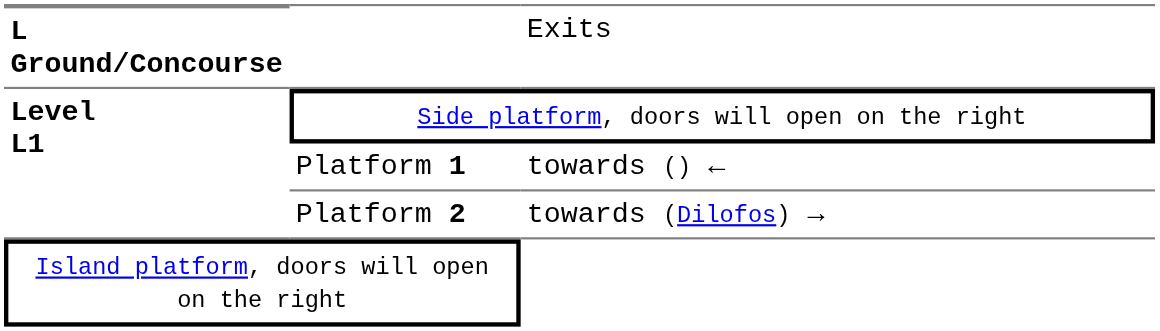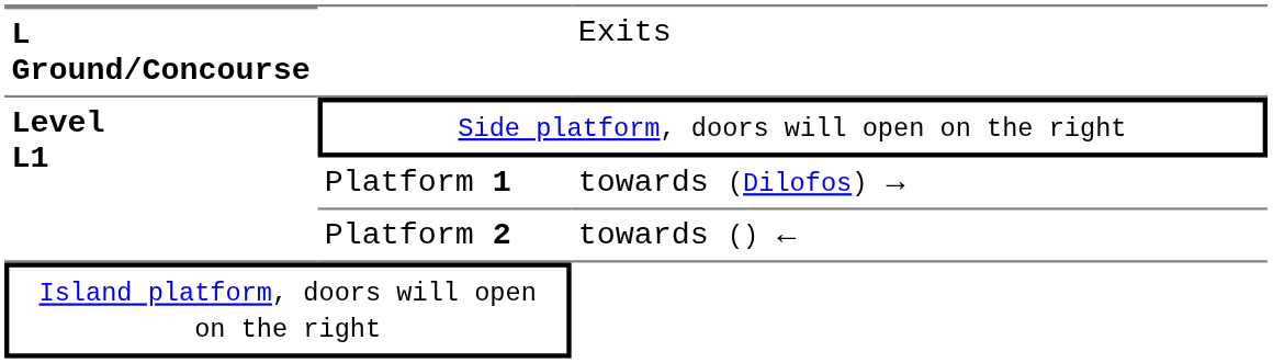 <table table border=0 cellspacing=0 cellpadding=3>
 <tr>
 <td style="border-bottom:solid 1px gray;border-top:solid 2px gray;" width=50 valign=top><strong>L<br>Ground/Concourse</strong></td>
 <td style="border-top:solid 1px gray;border-bottom:solid 1px gray;" width=100 valign=top></td>
 <td style="border-top:solid 1px gray;border-bottom:solid 1px gray;" width=285 valign=top>Exits</td>
 </tr>
 <tr>
 <td style="border-bottom:solid 1px gray;" rowspan=4 valign=top><strong>Level<br>L1</strong></td>
 <td style="border-top:solid 2px black;border-right:solid 2px black;border-left:solid 2px black;border-bottom:solid 2px black;text-align:center;" colspan=2><small><a href='#'>Side platform</a>, doors will open on the right</small></td>
 </tr>
 <tr>
 <td style="border-bottom:solid 1px gray;">Platform <span><strong>1</strong></span></td>
-<td style="border-bottom:solid 1px gray;"> towards  <small>()</small> ←</td>
+<td style="border-bottom:solid 1px gray;"> towards  <small>(<a href='#'>Dilofos</a>)</small> →</td>
 </tr>
 <tr>
 <td style="border-bottom:solid 1px gray;">Platform <span><strong>2</strong></span></td>
-<td style="border-bottom:solid 1px gray;"> towards  <small>(<a href='#'>Dilofos</a>)</small> →</td>
+<td style="border-bottom:solid 1px gray;"> towards  <small>()</small> ←</td>
 </tr>
 <tr>
 </tr>
 <tr>
 <td style="border-top:solid 2px black;border-left:solid 2px black;border-right:solid 2px black;border-bottom:solid 2px black;text-align:center;" colspan=2><small><a href='#'>Island platform</a>, doors will open on the right</small></td>
 </tr>
 </table>
